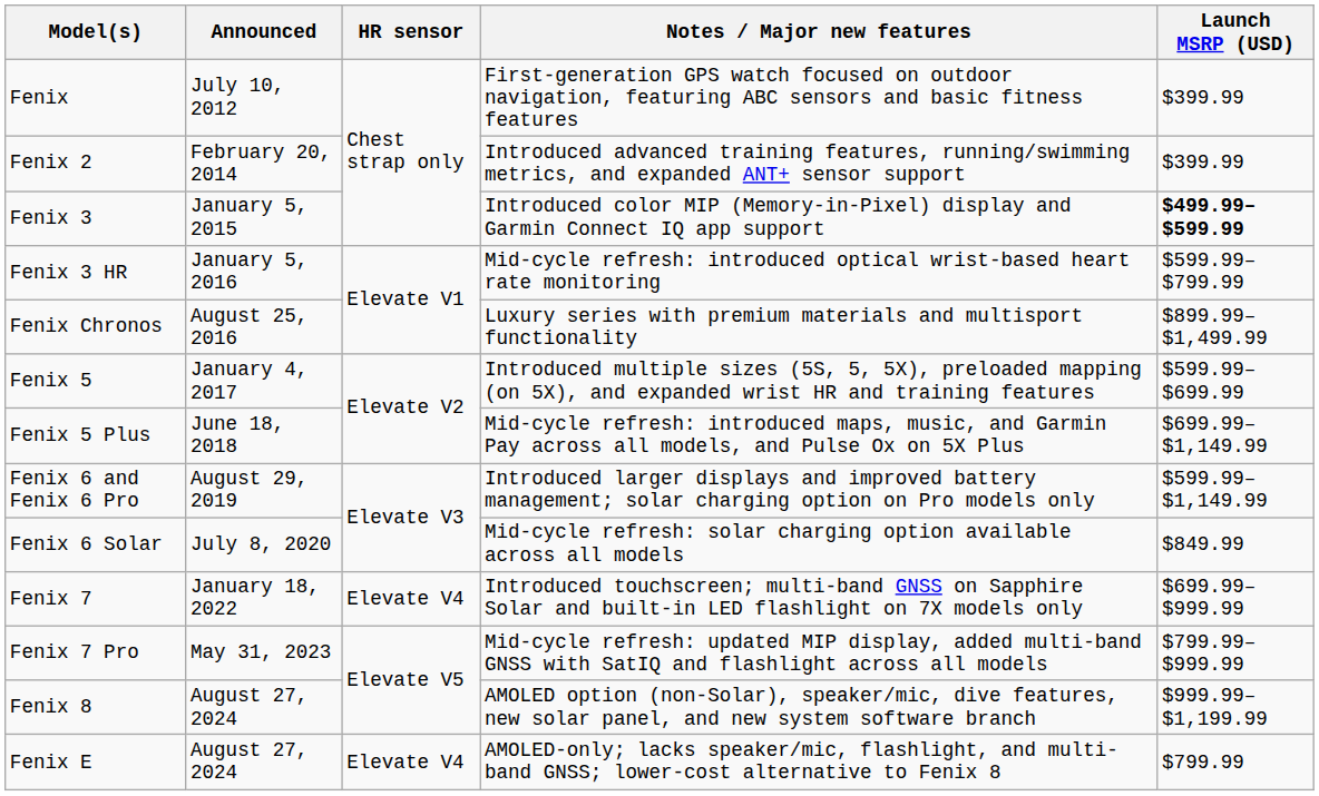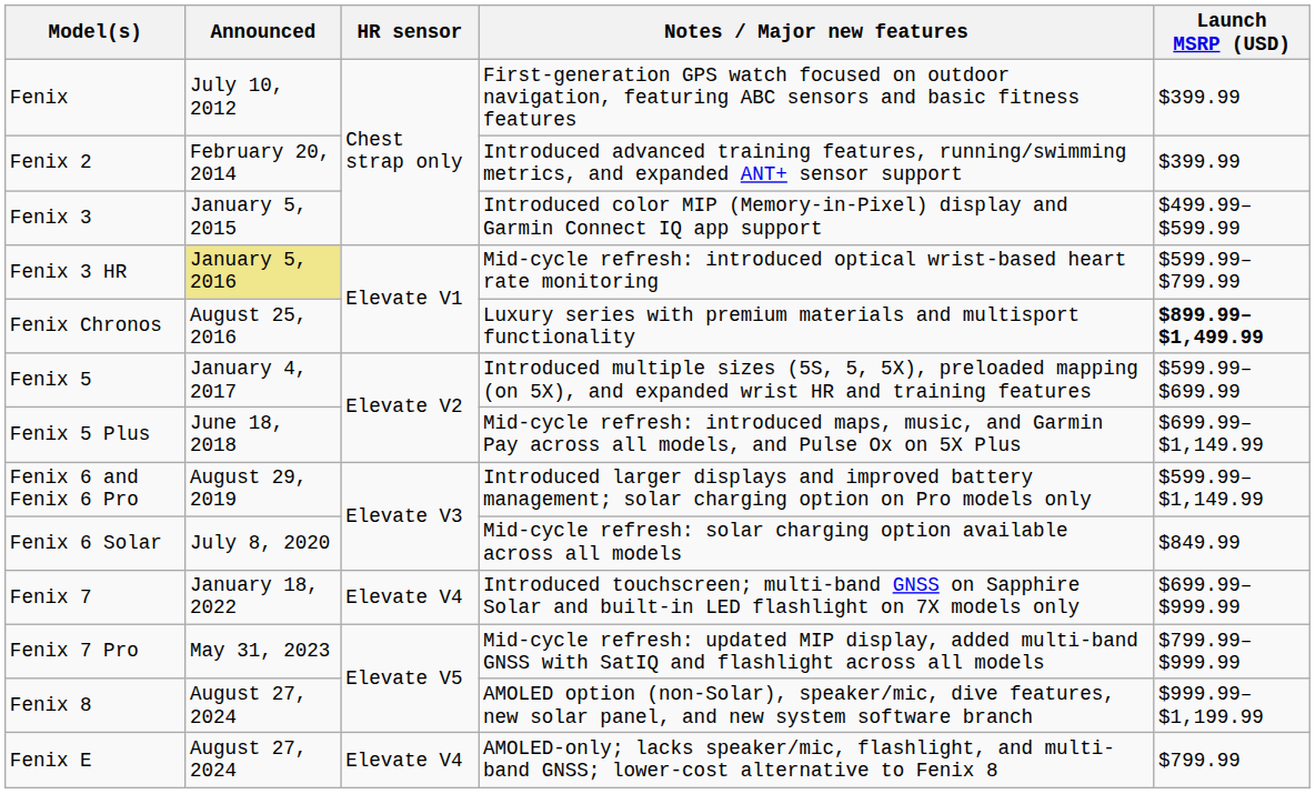 <table class="wikitable sortable">
 <tr>
 <th>Model(s)</th>
 <th>Announced</th>
 <th>HR sensor</th>
 <th class="unsortable">Notes / Major new features</th>
 <th>Launch<br><a href='#'>MSRP</a> (USD)</th>
 </tr>
 <tr>
 <td>Fenix</td>
 <td>July 10, 2012<br></td>
 <td rowspan="3">Chest strap only</td>
 <td>First-generation GPS watch focused on outdoor navigation, featuring ABC sensors and basic fitness features</td>
 <td>$399.99</td>
 </tr>
 <tr>
 <td>Fenix 2</td>
 <td>February 20, 2014</td>
 <td>Introduced advanced training features, running/swimming metrics, and expanded <a href='#'>ANT+</a> sensor support</td>
 <td>$399.99</td>
 </tr>
 <tr>
 <td>Fenix 3</td>
 <td>January 5, 2015</td>
 <td>Introduced color MIP (Memory-in-Pixel) display and Garmin Connect IQ app support</td>
-<td><strong>$499.99–$599.99</strong></td>
+<td>$499.99–$599.99</td>
 </tr>
 <tr>
 <td>Fenix 3 HR</td>
-<td>January 5, 2016</td>
+<td style="background: khaki;">January 5, 2016</td>
 <td rowspan="2">Elevate V1</td>
 <td>Mid-cycle refresh: introduced optical wrist-based heart rate monitoring</td>
 <td>$599.99–$799.99</td>
 </tr>
 <tr>
 <td>Fenix Chronos</td>
 <td>August 25, 2016</td>
 <td>Luxury series with premium materials and multisport functionality</td>
-<td>$899.99–$1,499.99</td>
+<td><strong>$899.99–$1,499.99</strong></td>
 </tr>
 <tr>
 <td>Fenix 5</td>
 <td>January 4, 2017</td>
 <td rowspan="2">Elevate V2</td>
 <td>Introduced multiple sizes (5S, 5, 5X), preloaded mapping (on 5X), and expanded wrist HR and training features</td>
 <td>$599.99–$699.99</td>
 </tr>
 <tr>
 <td>Fenix 5 Plus</td>
 <td>June 18, 2018</td>
 <td>Mid-cycle refresh: introduced maps, music, and Garmin Pay across all models, and Pulse Ox on 5X Plus</td>
 <td>$699.99–$1,149.99</td>
 </tr>
 <tr>
 <td>Fenix 6 and Fenix 6 Pro</td>
 <td>August 29, 2019</td>
 <td rowspan="2">Elevate V3</td>
 <td>Introduced larger displays and improved battery management; solar charging option on Pro models only</td>
 <td>$599.99–$1,149.99</td>
 </tr>
 <tr>
 <td>Fenix 6 Solar</td>
 <td>July 8, 2020</td>
 <td>Mid-cycle refresh: solar charging option available across all models</td>
 <td>$849.99</td>
 </tr>
 <tr>
 <td>Fenix 7</td>
 <td>January 18, 2022</td>
 <td>Elevate V4</td>
 <td>Introduced touchscreen; multi-band <a href='#'>GNSS</a> on Sapphire Solar and built-in LED flashlight on 7X models only</td>
 <td>$699.99–$999.99</td>
 </tr>
 <tr>
 <td>Fenix 7 Pro</td>
 <td>May 31, 2023</td>
 <td rowspan="2">Elevate V5</td>
 <td>Mid-cycle refresh: updated MIP display, added multi-band GNSS with SatIQ and flashlight across all models</td>
 <td>$799.99–$999.99</td>
 </tr>
 <tr>
 <td>Fenix 8</td>
 <td>August 27, 2024</td>
 <td>AMOLED option (non-Solar), speaker/mic, dive features, new solar panel, and new system software branch</td>
 <td>$999.99–$1,199.99</td>
 </tr>
 <tr>
 <td>Fenix E</td>
 <td>August 27, 2024</td>
 <td>Elevate V4</td>
 <td>AMOLED-only; lacks speaker/mic, flashlight, and multi-band GNSS; lower-cost alternative to Fenix 8</td>
 <td>$799.99</td>
 </tr>
 </table>
